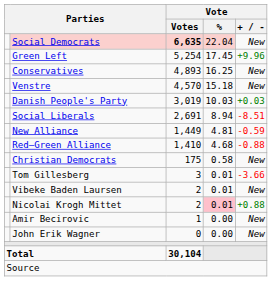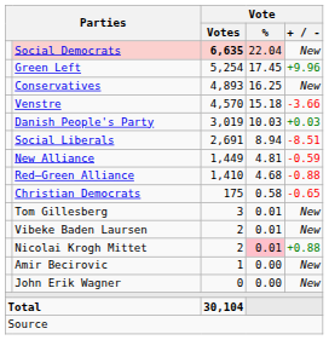 <table class="wikitable" style="text-align:right;">
 <tr>
 <th style="text-align:centre;" rowspan="2" colspan="2" width="225">Parties</th>
 <th colspan="3">Vote</th>
 </tr>
 <tr>
 <th width="15">Votes</th>
 <th width="15">%</th>
 <th width="15">+ / -</th>
 </tr>
 <tr>
 <td width="2" style="color:inherit;background:"></td>
 <td bgcolor=#fbd0ce  align="left"><a href='#'>Social Democrats</a></td>
 <td bgcolor=#fbd0ce><strong>6,635</strong></td>
 <td bgcolor=#fbd0ce>22.04</td>
 <td><em>New</em></td>
 </tr>
 <tr>
 <td width="2" style="color:inherit;background:"></td>
 <td align="left"><a href='#'>Green Left</a></td>
 <td>5,254</td>
 <td>17.45</td>
 <td style=color:green;>+9.96</td>
 </tr>
 <tr>
 <td width="2" style="color:inherit;background:"></td>
 <td align="left"><a href='#'>Conservatives</a></td>
 <td>4,893</td>
 <td>16.25</td>
 <td><em>New</em></td>
 </tr>
 <tr>
 <td width="2" style="color:inherit;background:"></td>
 <td align="left"><a href='#'>Venstre</a></td>
 <td>4,570</td>
 <td>15.18</td>
-<td><em>New</em></td>
+<td style=color:red;>-3.66</td>
 </tr>
 <tr>
 <td width="2" style="color:inherit;background:"></td>
 <td align="left"><a href='#'>Danish People's Party</a></td>
 <td>3,019</td>
 <td>10.03</td>
 <td style=color:green;>+0.03</td>
 </tr>
 <tr>
 <td width="2" style="color:inherit;background:"></td>
 <td align="left"><a href='#'>Social Liberals</a></td>
 <td>2,691</td>
 <td>8.94</td>
 <td style=color:red;>-8.51</td>
 </tr>
 <tr>
 <td width="2" style="color:inherit;background:"></td>
 <td align="left"><a href='#'>New Alliance</a></td>
 <td>1,449</td>
 <td>4.81</td>
 <td style=color:red;>-0.59</td>
 </tr>
 <tr>
 <td width="2" style="color:inherit;background:"></td>
 <td align="left"><a href='#'>Red–Green Alliance</a></td>
 <td>1,410</td>
 <td>4.68</td>
 <td style=color:red;>-0.88</td>
 </tr>
 <tr>
 <td width="2" style="color:inherit;background:"></td>
 <td align="left"><a href='#'>Christian Democrats</a></td>
 <td>175</td>
 <td>0.58</td>
-<td><em>New</em></td>
+<td style=color:red;>-0.65</td>
 </tr>
 <tr>
 <td width="2" style="color:inherit;background:"></td>
 <td align="left">Tom Gillesberg</td>
 <td>3</td>
 <td>0.01</td>
-<td style=color:red;>-3.66</td>
+<td><em>New</em></td>
 </tr>
 <tr>
 <td width="2" style="color:inherit;background:"></td>
 <td align="left">Vibeke Baden Laursen</td>
 <td>2</td>
 <td>0.01</td>
 <td><em>New</em></td>
 </tr>
 <tr>
 <td width="2" style="color:inherit;background:"></td>
 <td align="left">Nicolai Krogh Mittet</td>
 <td>2</td>
 <td style="background: pink;">0.01</td>
 <td style=color:green;>+0.88</td>
 </tr>
 <tr>
 <td width="2" style="color:inherit;background:"></td>
 <td align="left">Amir Becirovic</td>
 <td>1</td>
 <td>0.00</td>
 <td><em>New</em></td>
 </tr>
 <tr>
 <td width="2" style="color:inherit;background:"></td>
 <td align="left">John Erik Wagner</td>
 <td>0</td>
 <td>0.00</td>
 <td><em>New</em></td>
 </tr>
 <tr>
 <td colspan="7" bgcolor="#E9E9E9"></td>
 </tr>
 <tr>
 <td align="left" colspan="2"><strong>Total</strong></td>
 <td><strong>30,104</strong></td>
 <td bgcolor="#E9E9E9" colspan="2"></td>
 </tr>
 <tr>
 <td align="left" colspan="6">Source</td>
 </tr>
 </table>
